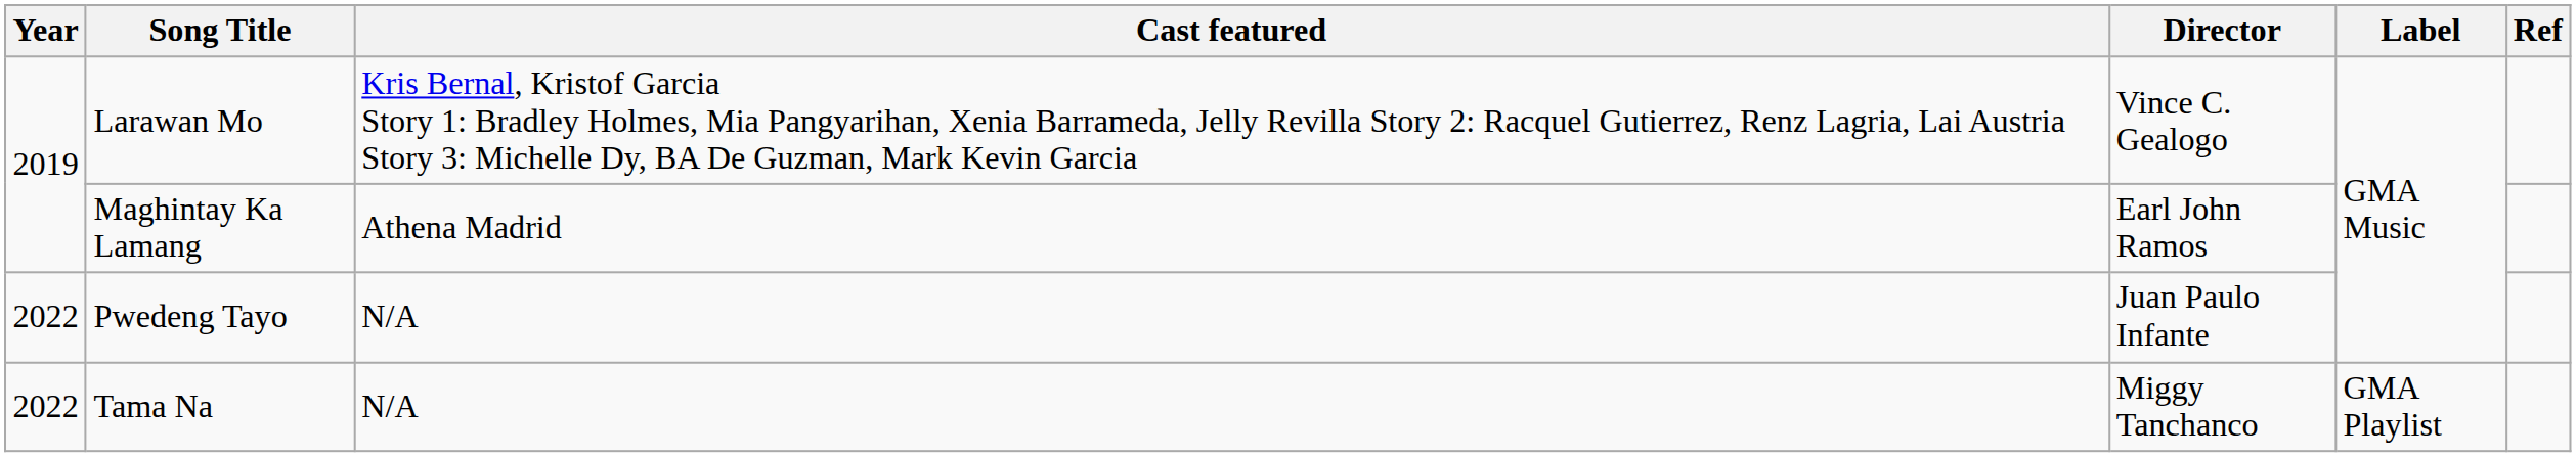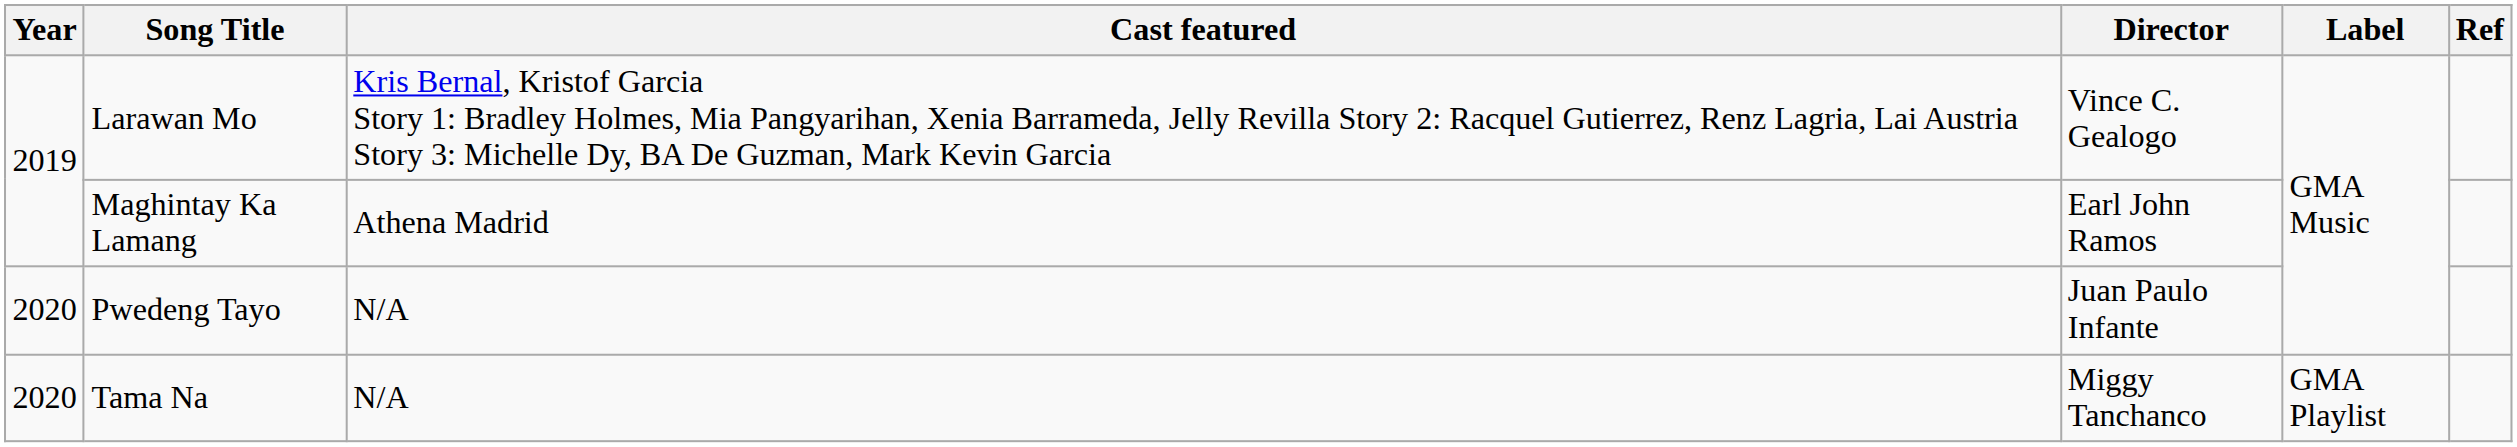 <table class="wikitable">
 <tr>
 <th>Year</th>
 <th>Song Title</th>
 <th>Cast featured</th>
 <th>Director</th>
 <th>Label</th>
 <th>Ref</th>
 </tr>
 <tr>
 <td rowspan="2">2019</td>
 <td>Larawan Mo</td>
 <td><a href='#'>Kris Bernal</a>, Kristof Garcia<br>Story 1: Bradley Holmes, Mia Pangyarihan, Xenia Barrameda, Jelly Revilla Story 2: Racquel Gutierrez, Renz Lagria, Lai Austria Story 3: Michelle Dy, BA De Guzman, Mark Kevin Garcia</td>
 <td>Vince C. Gealogo</td>
 <td rowspan="3">GMA Music</td>
 <td></td>
 </tr>
 <tr>
 <td>Maghintay Ka Lamang</td>
 <td>Athena Madrid</td>
 <td>Earl John Ramos</td>
 <td></td>
 </tr>
 <tr>
-<td>2022</td>
+<td>2020</td>
 <td>Pwedeng Tayo</td>
 <td>N/A</td>
 <td>Juan Paulo Infante</td>
 <td></td>
 </tr>
 <tr>
-<td>2022</td>
+<td>2020</td>
 <td>Tama Na</td>
 <td>N/A</td>
 <td>Miggy Tanchanco</td>
 <td>GMA Playlist</td>
 <td></td>
 </tr>
 </table>
